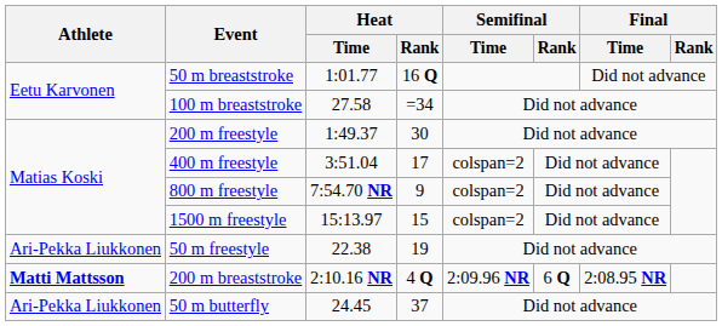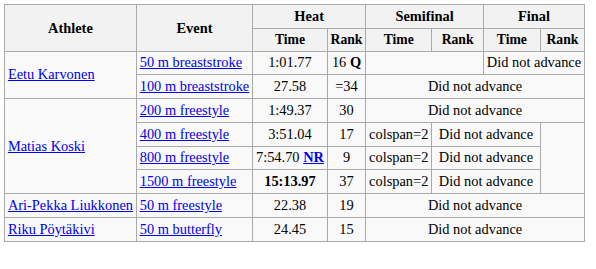 <table class=wikitable style="font-size:90%">
 <tr>
 <th rowspan="2">Athlete</th>
 <th rowspan="2">Event</th>
 <th colspan="2">Heat</th>
 <th colspan="2">Semifinal</th>
 <th colspan="2">Final</th>
 </tr>
 <tr style="font-size:95%">
 <th>Time</th>
 <th>Rank</th>
 <th>Time</th>
 <th>Rank</th>
 <th>Time</th>
 <th>Rank</th>
 </tr>
 <tr align=center>
 <td align=left rowspan=2><a href='#'>Eetu Karvonen</a></td>
 <td align=left><a href='#'>50 m breaststroke</a></td>
 <td>1:01.77</td>
 <td>16 <strong>Q</strong></td>
 <td colspan=2></td>
 <td colspan=2>Did not advance</td>
 </tr>
 <tr align=center>
 <td align=left><a href='#'>100 m breaststroke</a></td>
 <td>27.58</td>
 <td>=34</td>
 <td colspan=4>Did not advance</td>
 </tr>
 <tr align=center>
 <td align=left rowspan=4><a href='#'>Matias Koski</a></td>
 <td align=left><a href='#'>200 m freestyle</a></td>
 <td>1:49.37</td>
 <td>30</td>
 <td colspan=4>Did not advance</td>
 </tr>
 <tr align=center>
 <td align=left><a href='#'>400 m freestyle</a></td>
 <td>3:51.04</td>
 <td>17</td>
 <td>colspan=2 </td>
 <td colspan=2>Did not advance</td>
 </tr>
 <tr align=center>
 <td align=left><a href='#'>800 m freestyle</a></td>
 <td>7:54.70 <strong><a href='#'>NR</a></strong></td>
 <td>9</td>
 <td>colspan=2 </td>
 <td colspan=2>Did not advance</td>
 </tr>
 <tr align=center>
 <td align=left><a href='#'>1500 m freestyle</a></td>
-<td>15:13.97</td>
-<td>15</td>
+<td><strong>15:13.97</strong></td>
+<td>37</td>
 <td>colspan=2 </td>
 <td colspan=2>Did not advance</td>
 </tr>
 <tr align=center>
 <td align=left><a href='#'>Ari-Pekka Liukkonen</a></td>
 <td align=left><a href='#'>50 m freestyle</a></td>
 <td>22.38</td>
 <td>19</td>
 <td colspan=4>Did not advance</td>
 </tr>
 <tr align=center>
-<td align=left><strong><a href='#'>Matti Mattsson</a></strong></td>
-<td align=left><a href='#'>200 m breaststroke</a></td>
-<td>2:10.16 <strong><a href='#'>NR</a></strong></td>
-<td>4 <strong>Q</strong></td>
-<td>2:09.96 <strong><a href='#'>NR</a></strong></td>
-<td>6 <strong>Q</strong></td>
-<td>2:08.95 <strong><a href='#'>NR</a></strong></td>
-<td></td>
-</tr>
-<tr align=center>
-<td align=left><a href='#'>Ari-Pekka Liukkonen</a></td>
+<td align=left><a href='#'>Riku Pöytäkivi</a></td>
 <td align=left><a href='#'>50 m butterfly</a></td>
 <td>24.45</td>
-<td>37</td>
+<td>15</td>
 <td colspan=4>Did not advance</td>
 </tr>
 </table>
